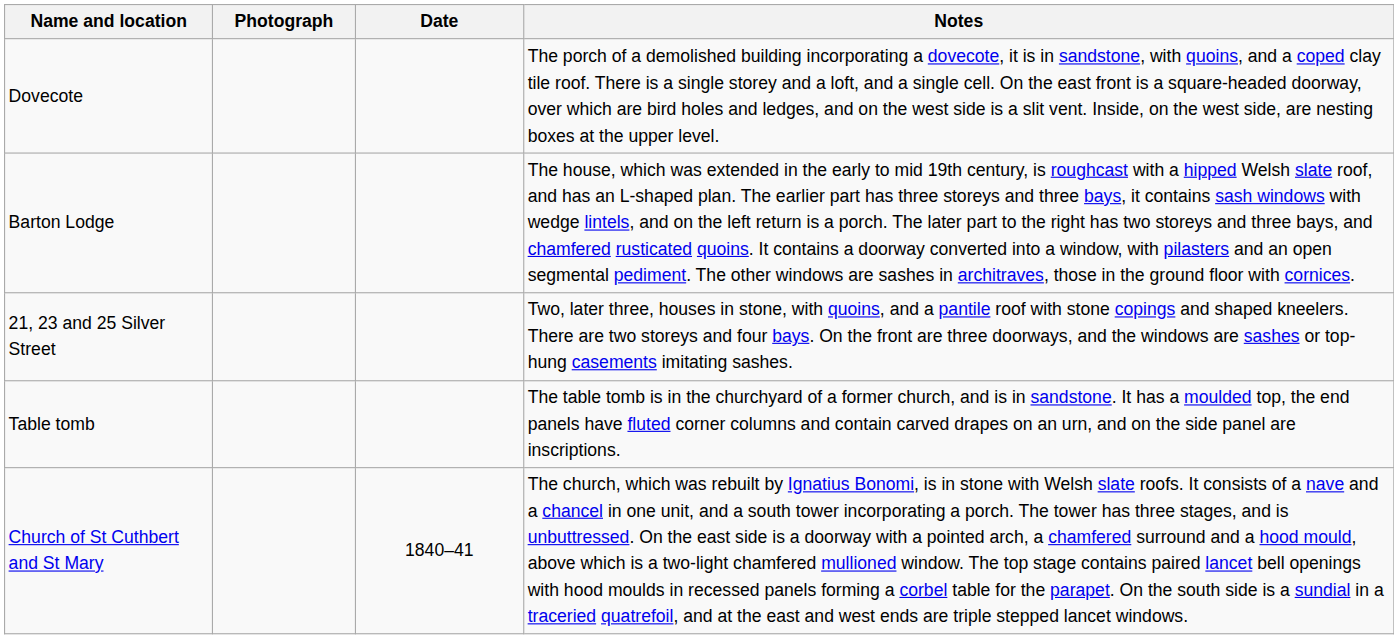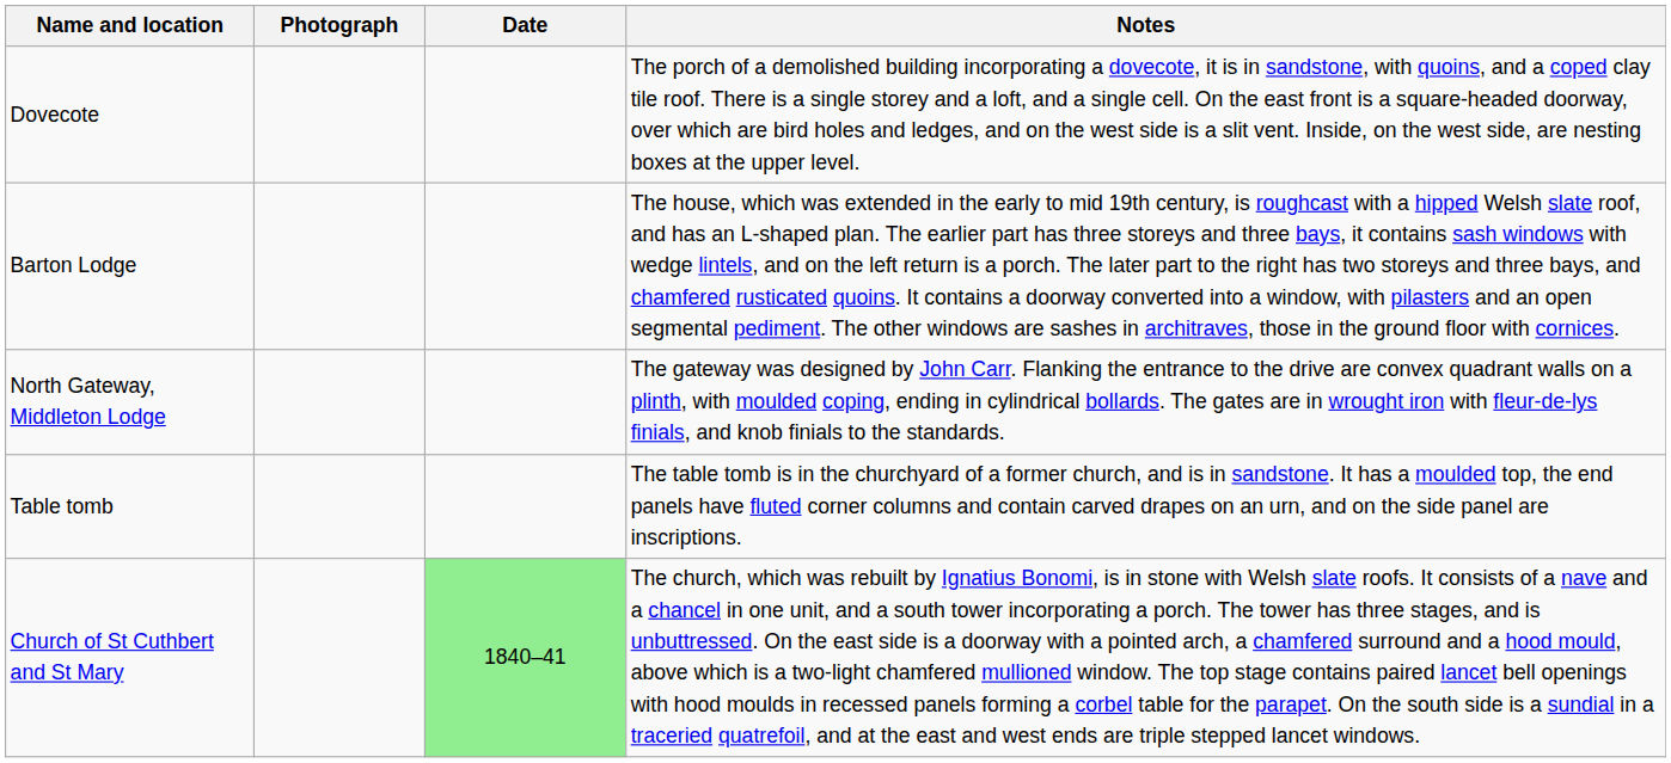 <table class="wikitable sortable plainrowheaders" style="width:100%;border:0px;text-align:left;line-height:150%;">
 <tr>
 <th scope="col"  style="width:150px">Name and location</th>
 <th scope="col"  style="width:100px" class="unsortable">Photograph</th>
 <th scope="col"  style="width:120px">Date</th>
 <th scope="col"  style="width:650px" class="unsortable">Notes</th>
 </tr>
 <tr>
 <td>Dovecote<br><small></small></td>
 <td></td>
 <td align="center"></td>
 <td>The porch of a demolished building incorporating a <a href='#'>dovecote</a>, it is in <a href='#'>sandstone</a>, with <a href='#'>quoins</a>, and a <a href='#'>coped</a> clay tile roof.  There is a single storey and a loft, and a single cell. On the east front is a square-headed doorway, over which are bird holes and ledges, and on the west side is a slit vent.  Inside, on the west side, are nesting boxes at the upper level.</td>
 </tr>
 <tr>
 <td>Barton Lodge<br><small></small></td>
 <td></td>
 <td align="center"></td>
 <td>The house, which was extended in the early to mid 19th century, is <a href='#'>roughcast</a> with a <a href='#'>hipped</a> Welsh <a href='#'>slate</a> roof, and has an L-shaped plan.  The earlier part has three storeys and three <a href='#'>bays</a>, it contains <a href='#'>sash windows</a> with wedge <a href='#'>lintels</a>, and on the left return is a porch.  The later part to the right has two storeys and three bays, and <a href='#'>chamfered</a> <a href='#'>rusticated</a> <a href='#'>quoins</a>.  It contains a doorway converted into a window, with <a href='#'>pilasters</a> and an open segmental <a href='#'>pediment</a>.  The other windows are sashes in <a href='#'>architraves</a>, those in the ground floor with <a href='#'>cornices</a>.</td>
 </tr>
 <tr>
-<td>21, 23 and 25 Silver Street<br><small></small></td>
+<td>North Gateway, <a href='#'>Middleton Lodge</a><br><small></small></td>
 <td></td>
 <td align="center"></td>
-<td>Two, later three, houses in stone, with <a href='#'>quoins</a>, and a <a href='#'>pantile</a> roof with stone <a href='#'>copings</a> and shaped kneelers.  There are two storeys and four <a href='#'>bays</a>.  On the front are three doorways, and the windows are <a href='#'>sashes</a> or top-hung <a href='#'>casements</a> imitating sashes.</td>
+<td>The gateway was designed by <a href='#'>John Carr</a>.  Flanking the entrance to the drive are convex quadrant walls on a <a href='#'>plinth</a>, with <a href='#'>moulded</a> <a href='#'>coping</a>, ending in cylindrical <a href='#'>bollards</a>.  The gates are in <a href='#'>wrought iron</a> with <a href='#'>fleur-de-lys</a> <a href='#'>finials</a>, and knob finials to the standards.</td>
 </tr>
 <tr>
 <td>Table tomb<br><small></small></td>
 <td></td>
 <td align="center"></td>
 <td>The table tomb is in the churchyard of a former church, and is in <a href='#'>sandstone</a>.  It has a <a href='#'>moulded</a> top, the end panels have <a href='#'>fluted</a> corner columns and contain carved drapes on an urn, and on the side panel are inscriptions.</td>
 </tr>
 <tr>
 <td><a href='#'>Church of St Cuthbert and St Mary</a><br><small></small></td>
 <td></td>
-<td align="center">1840–41</td>
+<td align="center" style="background: lightgreen;">1840–41</td>
 <td>The church, which was rebuilt by <a href='#'>Ignatius Bonomi</a>, is in stone with Welsh <a href='#'>slate</a> roofs.  It consists of a <a href='#'>nave</a> and a <a href='#'>chancel</a> in one unit, and a south tower incorporating a porch.  The tower has three stages, and is <a href='#'>unbuttressed</a>.  On the east side is a doorway with a pointed arch, a <a href='#'>chamfered</a> surround and a <a href='#'>hood mould</a>, above which is a two-light chamfered <a href='#'>mullioned</a> window.  The top stage contains paired <a href='#'>lancet</a> bell openings with hood moulds in recessed panels forming a <a href='#'>corbel</a> table for the <a href='#'>parapet</a>.  On the south side is a <a href='#'>sundial</a> in a <a href='#'>traceried</a> <a href='#'>quatrefoil</a>, and at the east and west ends are triple stepped lancet windows.</td>
 </tr>
 <tr>
 </tr>
 </table>
